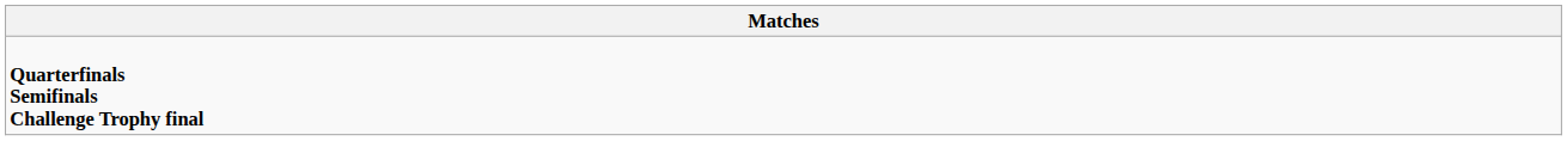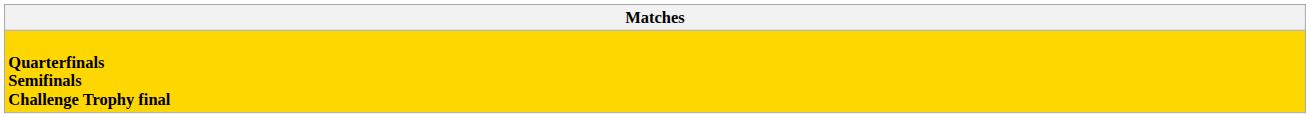 <table class="wikitable collapsible collapsed" style="width:100%;">
 <tr>
 <th>Matches</th>
 </tr>
 <tr>
-<td><br><strong>Quarterfinals</strong>    <br><strong>Semifinals</strong>  <br><strong>Challenge Trophy final</strong> </td>
+<td style="background: gold;"><br><strong>Quarterfinals</strong>    <br><strong>Semifinals</strong>  <br><strong>Challenge Trophy final</strong> </td>
 </tr>
 </table>
